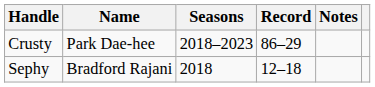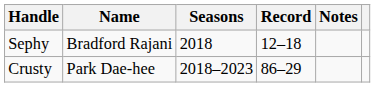 <table class="wikitable">
 <tr>
 <th style="background:#">Handle</th>
 <th style="background:#">Name</th>
 <th style="background:#">Seasons</th>
 <th style="background:#">Record</th>
 <th style="background:#">Notes</th>
 <th style="background:#"></th>
 </tr>
 <tr>
+<td>Sephy</td>
+<td>Bradford Rajani</td>
+<td>2018</td>
+<td>12–18 </td>
+<td></td>
+<td></td>
+</tr>
+<tr>
 <td>Crusty</td>
 <td>Park Dae-hee</td>
 <td>2018–2023</td>
 <td>86–29 </td>
 <td></td>
 <td></td>
 </tr>
-<tr>
-<td>Sephy</td>
-<td>Bradford Rajani</td>
-<td>2018</td>
-<td>12–18 </td>
-<td></td>
-<td></td>
-</tr>
 </table>
